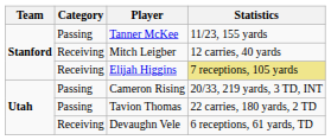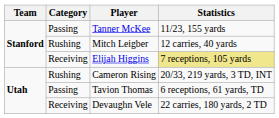 <table class="wikitable" style="float: right;">
 <tr>
 <th>Team</th>
 <th>Category</th>
 <th>Player</th>
 <th>Statistics</th>
 </tr>
 <tr>
 <td rowspan=3><strong>Stanford</strong></td>
 <td>Passing</td>
 <td><a href='#'>Tanner McKee</a></td>
 <td>11/23, 155 yards</td>
 </tr>
 <tr>
-<td>Receiving</td>
+<td>Rushing</td>
 <td>Mitch Leigber</td>
 <td>12 carries, 40 yards</td>
 </tr>
 <tr>
 <td>Receiving</td>
 <td><a href='#'>Elijah Higgins</a></td>
 <td style="background: khaki;">7 receptions, 105 yards</td>
 </tr>
 <tr>
 <td rowspan=3><strong>Utah</strong></td>
-<td>Passing</td>
+<td>Rushing</td>
 <td>Cameron Rising</td>
 <td>20/33, 219 yards, 3 TD, INT</td>
 </tr>
 <tr>
 <td>Passing</td>
 <td>Tavion Thomas</td>
-<td>22 carries, 180 yards, 2 TD</td>
+<td>6 receptions, 61 yards, TD</td>
 </tr>
 <tr>
 <td>Receiving</td>
 <td>Devaughn Vele</td>
-<td>6 receptions, 61 yards, TD</td>
+<td>22 carries, 180 yards, 2 TD</td>
 </tr>
 </table>
